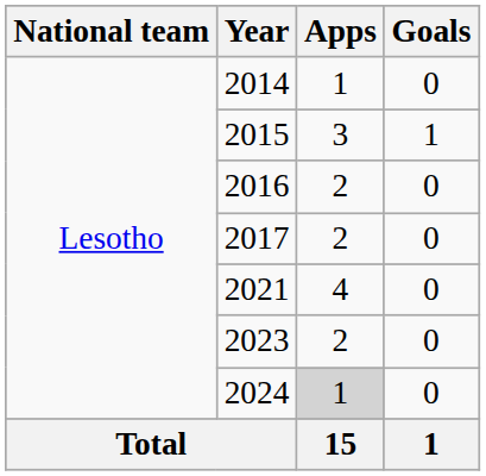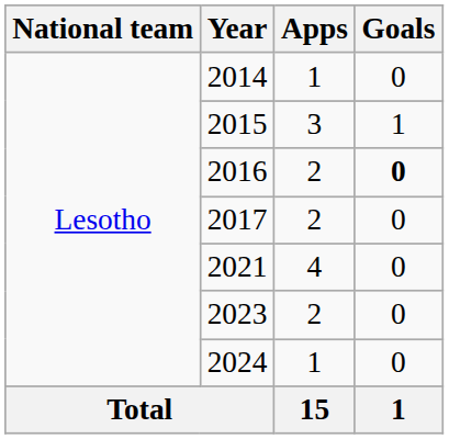 <table class="wikitable" style="text-align: center;">
 <tr>
 <th>National team</th>
 <th>Year</th>
 <th>Apps</th>
 <th>Goals</th>
 </tr>
 <tr>
 <td rowspan="7"><a href='#'>Lesotho</a></td>
 <td>2014</td>
 <td>1</td>
 <td>0</td>
 </tr>
 <tr>
 <td>2015</td>
 <td>3</td>
 <td>1</td>
 </tr>
 <tr>
 <td>2016</td>
 <td>2</td>
-<td>0</td>
+<td><strong>0</strong></td>
 </tr>
 <tr>
 <td>2017</td>
 <td>2</td>
 <td>0</td>
 </tr>
 <tr>
 <td>2021</td>
 <td>4</td>
 <td>0</td>
 </tr>
 <tr>
 <td>2023</td>
 <td>2</td>
 <td>0</td>
 </tr>
 <tr>
 <td>2024</td>
-<td style="background: lightgrey;">1</td>
+<td>1</td>
 <td>0</td>
 </tr>
 <tr>
 <th colspan="2">Total</th>
 <th>15</th>
 <th>1</th>
 </tr>
 </table>
